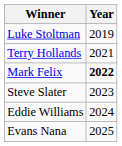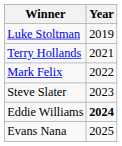 <table class="wikitable">
 <tr>
 <th>Winner</th>
 <th>Year</th>
 </tr>
 <tr>
 <td><a href='#'>Luke Stoltman</a></td>
 <td>2019</td>
 </tr>
 <tr>
 <td><a href='#'>Terry Hollands</a></td>
 <td>2021</td>
 </tr>
 <tr>
 <td><a href='#'>Mark Felix</a></td>
-<td><strong>2022</strong></td>
+<td>2022</td>
 </tr>
 <tr>
 <td>Steve Slater</td>
 <td>2023</td>
 </tr>
 <tr>
 <td>Eddie Williams</td>
-<td>2024</td>
+<td><strong>2024</strong></td>
 </tr>
 <tr>
 <td>Evans Nana</td>
 <td>2025</td>
 </tr>
 </table>
